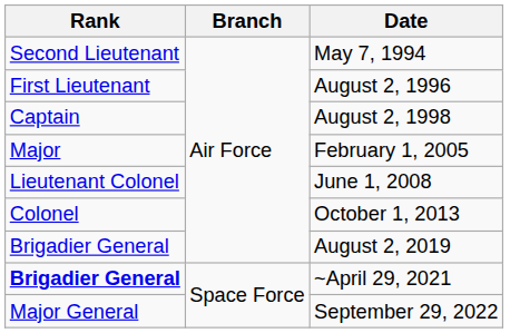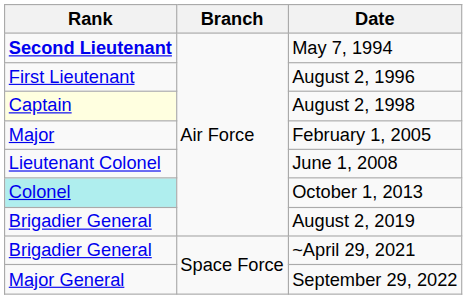 <table class="wikitable">
 <tr>
 <th>Rank</th>
 <th>Branch</th>
 <th>Date</th>
 </tr>
 <tr>
-<td> <a href='#'>Second Lieutenant</a></td>
+<td><strong> <a href='#'>Second Lieutenant</a></strong></td>
 <td rowspan=7>Air Force</td>
 <td>May 7, 1994</td>
 </tr>
 <tr>
 <td> <a href='#'>First Lieutenant</a></td>
 <td>August 2, 1996</td>
 </tr>
 <tr>
-<td> <a href='#'>Captain</a></td>
+<td style="background: lightyellow;"> <a href='#'>Captain</a></td>
 <td>August 2, 1998</td>
 </tr>
 <tr>
 <td> <a href='#'>Major</a></td>
 <td>February 1, 2005</td>
 </tr>
 <tr>
 <td> <a href='#'>Lieutenant Colonel</a></td>
 <td>June 1, 2008</td>
 </tr>
 <tr>
-<td> <a href='#'>Colonel</a></td>
+<td style="background: paleturquoise;"> <a href='#'>Colonel</a></td>
 <td>October 1, 2013</td>
 </tr>
 <tr>
 <td> <a href='#'>Brigadier General</a></td>
 <td>August 2, 2019</td>
 </tr>
 <tr>
-<td><strong> <a href='#'>Brigadier General</a></strong></td>
+<td> <a href='#'>Brigadier General</a></td>
 <td rowspan=2>Space Force</td>
 <td>~April 29, 2021</td>
 </tr>
 <tr>
 <td> <a href='#'>Major General</a></td>
 <td>September 29, 2022</td>
 </tr>
 </table>
